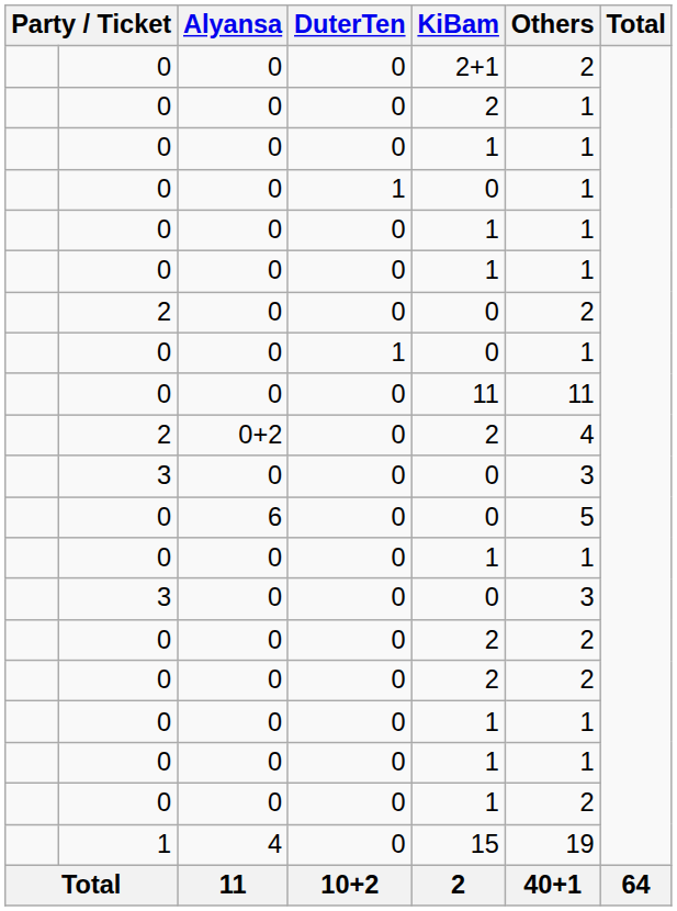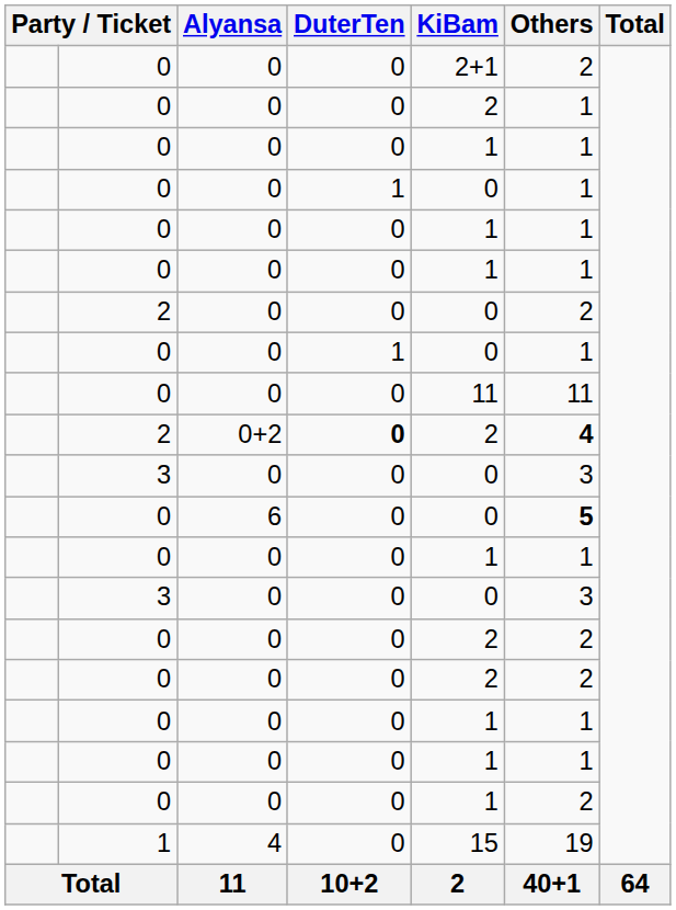 <table class="wikitable sortable" style="text-align:right;">
 <tr>
 <th colspan="2">Party / Ticket</th>
 <th><a href='#'>Alyansa</a></th>
 <th><a href='#'>DuterTen</a></th>
 <th><a href='#'>KiBam</a></th>
 <th>Others</th>
 <th>Total</th>
 </tr>
 <tr>
 <td></td>
 <td>0</td>
 <td>0</td>
 <td>0</td>
 <td>2+1</td>
 <td>2</td>
 </tr>
 <tr>
 <td></td>
 <td>0</td>
 <td>0</td>
 <td>0</td>
 <td>2</td>
 <td>1</td>
 </tr>
 <tr>
 <td></td>
 <td>0</td>
 <td>0</td>
 <td>0</td>
 <td>1</td>
 <td>1</td>
 </tr>
 <tr>
 <td></td>
 <td>0</td>
 <td>0</td>
 <td>1</td>
 <td>0</td>
 <td>1</td>
 </tr>
 <tr>
 <td></td>
 <td>0</td>
 <td>0</td>
 <td>0</td>
 <td>1</td>
 <td>1</td>
 </tr>
 <tr>
 <td></td>
 <td>0</td>
 <td>0</td>
 <td>0</td>
 <td>1</td>
 <td>1</td>
 </tr>
 <tr>
 <td></td>
 <td>2</td>
 <td>0</td>
 <td>0</td>
 <td>0</td>
 <td>2</td>
 </tr>
 <tr>
 <td></td>
 <td>0</td>
 <td>0</td>
 <td>1</td>
 <td>0</td>
 <td>1</td>
 </tr>
 <tr>
 <td></td>
 <td>0</td>
 <td>0</td>
 <td>0</td>
 <td>11</td>
 <td>11</td>
 </tr>
 <tr>
 <td></td>
 <td>2</td>
 <td>0+2</td>
-<td>0</td>
+<td><strong>0</strong></td>
 <td>2</td>
-<td>4</td>
+<td><strong>4</strong></td>
 </tr>
 <tr>
 <td></td>
 <td>3</td>
 <td>0</td>
 <td>0</td>
 <td>0</td>
 <td>3</td>
 </tr>
 <tr>
 <td></td>
 <td>0</td>
 <td>6</td>
 <td>0</td>
 <td>0</td>
-<td>5</td>
+<td><strong>5</strong></td>
 </tr>
 <tr>
 <td></td>
 <td>0</td>
 <td>0</td>
 <td>0</td>
 <td>1</td>
 <td>1</td>
 </tr>
 <tr>
 <td></td>
 <td>3</td>
 <td>0</td>
 <td>0</td>
 <td>0</td>
 <td>3</td>
 </tr>
 <tr>
 <td></td>
 <td>0</td>
 <td>0</td>
 <td>0</td>
 <td>2</td>
 <td>2</td>
 </tr>
 <tr>
 <td></td>
 <td>0</td>
 <td>0</td>
 <td>0</td>
 <td>2</td>
 <td>2</td>
 </tr>
 <tr>
 <td></td>
 <td>0</td>
 <td>0</td>
 <td>0</td>
 <td>1</td>
 <td>1</td>
 </tr>
 <tr>
 <td></td>
 <td>0</td>
 <td>0</td>
 <td>0</td>
 <td>1</td>
 <td>1</td>
 </tr>
 <tr>
 <td></td>
 <td>0</td>
 <td>0</td>
 <td>0</td>
 <td>1</td>
 <td>2</td>
 </tr>
 <tr>
 <td></td>
 <td>1</td>
 <td>4</td>
 <td>0</td>
 <td>15</td>
 <td>19</td>
 </tr>
 <tr>
 <th colspan="2">Total</th>
 <th>11</th>
 <th>10+2</th>
 <th>2</th>
 <th>40+1</th>
 <th>64</th>
 </tr>
 </table>
